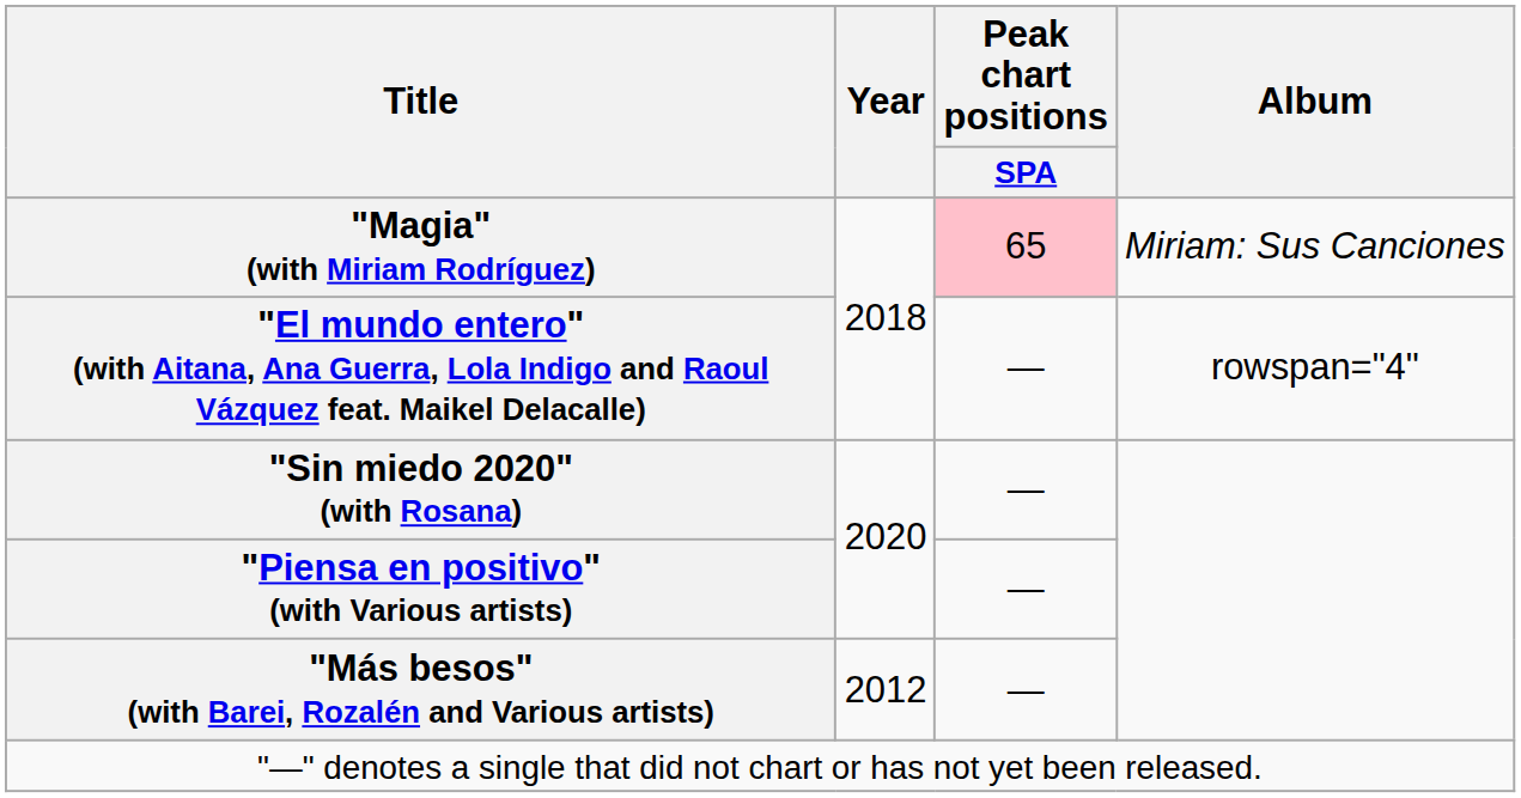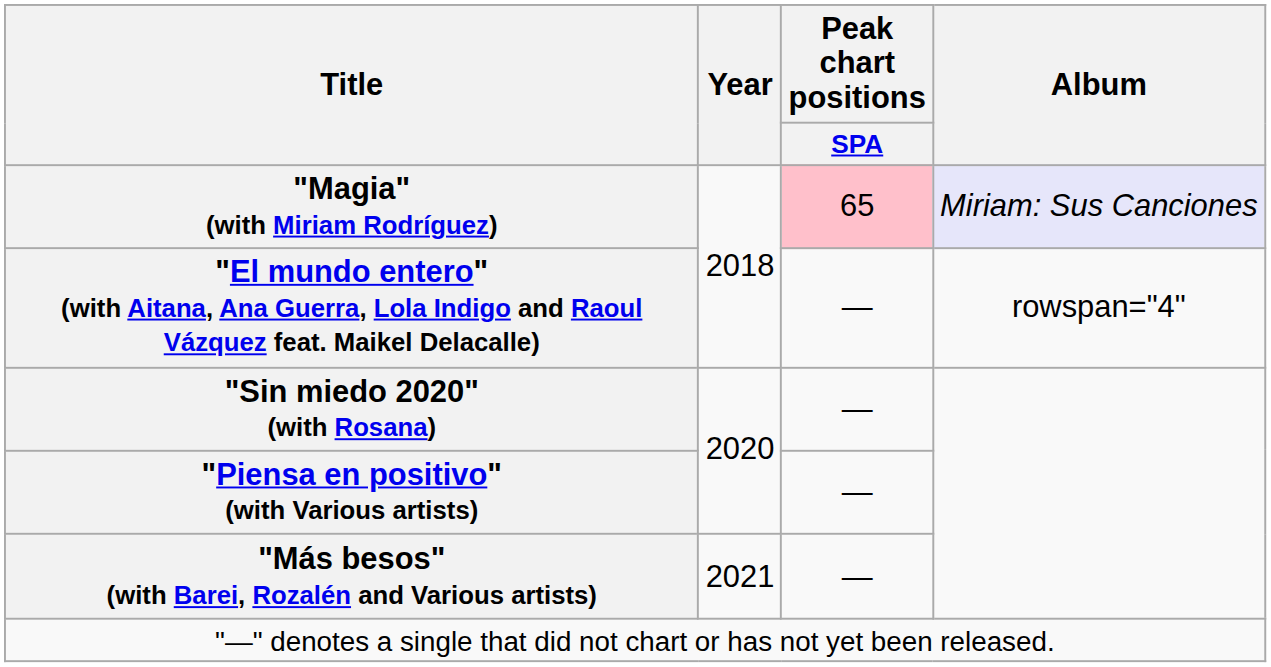 <table class="wikitable plainrowheaders" style="text-align:center;">
 <tr>
 <th scope="col" rowspan="2" style="width:22em;">Title</th>
 <th scope="col" rowspan="2" style="width:1em;">Year</th>
 <th scope="col" colspan="1">Peak chart positions</th>
 <th scope="col" rowspan="2">Album</th>
 </tr>
 <tr>
 <th scope="col" style="width:3em;font-size:85%;"><a href='#'>SPA</a><br></th>
 </tr>
 <tr>
 <th scope="row">"Magia"<br><small>(with <a href='#'>Miriam Rodríguez</a>)</small></th>
 <td rowspan="2">2018</td>
 <td style="background: pink;">65</td>
-<td><em>Miriam: Sus Canciones</em></td>
+<td style="background: lavender;"><em>Miriam: Sus Canciones</em></td>
 </tr>
 <tr>
 <th scope="row">"<a href='#'>El mundo entero</a>"<br><small>(with <a href='#'>Aitana</a>, <a href='#'>Ana Guerra</a>, <a href='#'>Lola Indigo</a> and <a href='#'>Raoul Vázquez</a> feat. Maikel Delacalle)</small></th>
 <td>—</td>
 <td>rowspan="4" </td>
 </tr>
 <tr>
 <th scope="row">"Sin miedo 2020"<br><small>(with <a href='#'>Rosana</a>)</small></th>
 <td rowspan="2">2020</td>
 <td>—</td>
 </tr>
 <tr>
 <th scope="row">"<a href='#'>Piensa en positivo</a>"<br><small>(with Various artists)</small></th>
 <td>—</td>
 </tr>
 <tr>
 <th scope="row">"Más besos"<br><small>(with <a href='#'>Barei</a>, <a href='#'>Rozalén</a> and Various artists)</small></th>
-<td>2012</td>
+<td>2021</td>
 <td>—</td>
 </tr>
 <tr>
 <td colspan="8" style="font-size:90%">"—" denotes a single that did not chart or has not yet been released.</td>
 </tr>
 </table>
